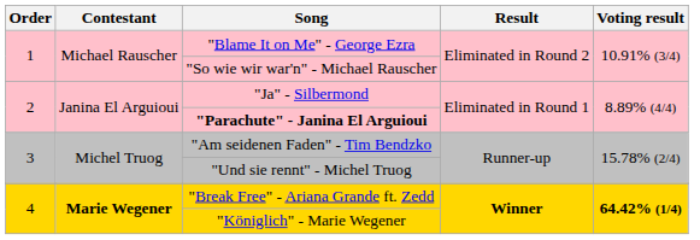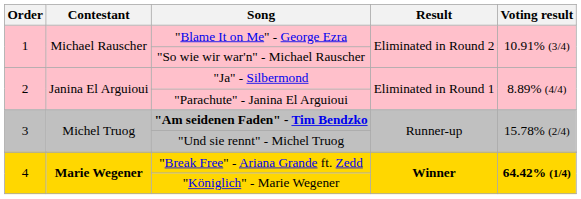 <table class="wikitable" style="text-align:center;">
 <tr>
 <th>Order</th>
 <th>Contestant</th>
 <th>Song</th>
 <th>Result</th>
 <th>Voting result</th>
 </tr>
 <tr bgcolor="pink">
 <td rowspan=2>1</td>
 <td rowspan=2>Michael Rauscher</td>
 <td>"<a href='#'>Blame It on Me</a>" - <a href='#'>George Ezra</a></td>
 <td rowspan=2>Eliminated in Round 2</td>
 <td rowspan=2>10.91% <small>(3/4)</small></td>
 </tr>
 <tr bgcolor="pink">
 <td>"So wie wir war'n" - Michael Rauscher</td>
 </tr>
 <tr bgcolor="pink">
 <td rowspan=2>2</td>
 <td rowspan=2>Janina El Arguioui</td>
 <td>"Ja" - <a href='#'>Silbermond</a></td>
 <td rowspan=2>Eliminated in Round 1</td>
 <td rowspan=2>8.89% <small>(4/4)</small></td>
 </tr>
 <tr bgcolor="pink">
-<td><strong>"Parachute" - Janina El Arguioui</strong></td>
+<td>"Parachute" - Janina El Arguioui</td>
 </tr>
 <tr bgcolor="silver">
 <td rowspan=2>3</td>
 <td rowspan=2>Michel Truog</td>
-<td>"Am seidenen Faden" - <a href='#'>Tim Bendzko</a></td>
+<td><strong>"Am seidenen Faden" - <a href='#'>Tim Bendzko</a></strong></td>
 <td rowspan=2>Runner-up</td>
 <td rowspan=2>15.78% <small>(2/4)</small></td>
 </tr>
 <tr bgcolor="silver">
 <td>"Und sie rennt" - Michel Truog</td>
 </tr>
 <tr>
 </tr>
 <tr bgcolor="gold">
 <td rowspan=2>4</td>
 <td rowspan=2><strong>Marie Wegener</strong></td>
 <td>"<a href='#'>Break Free</a>" - <a href='#'>Ariana Grande</a> ft. <a href='#'>Zedd</a></td>
 <td rowspan=2><strong>Winner</strong></td>
 <td rowspan=2><strong>64.42% <small>(1/4)</small></strong></td>
 </tr>
 <tr bgcolor="gold">
 <td>"<a href='#'>Königlich</a>" - Marie Wegener</td>
 </tr>
 </table>
